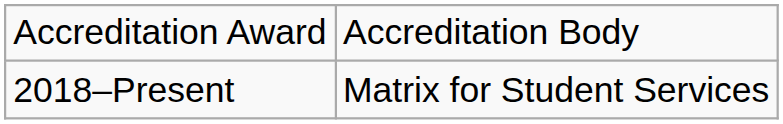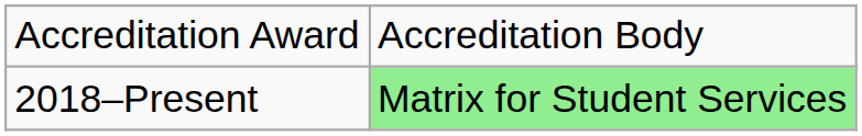 <table class="wikitable">
 <tr>
 <td>Accreditation Award</td>
 <td>Accreditation Body</td>
 </tr>
 <tr>
 <td>2018–Present</td>
-<td>Matrix for Student Services</td>
+<td style="background: lightgreen;">Matrix for Student Services</td>
 </tr>
 </table>
